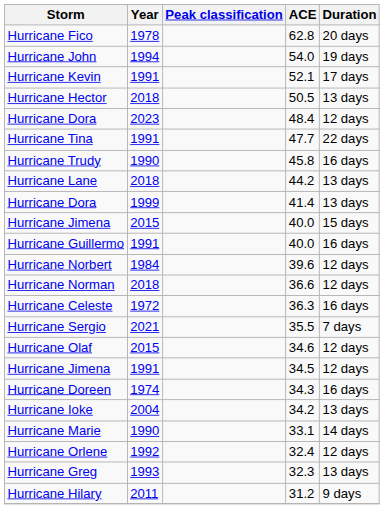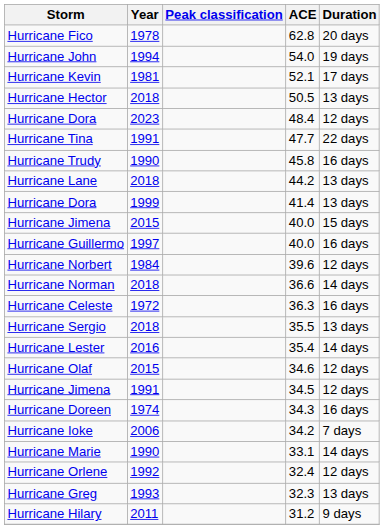 <table class="wikitable sortable">
 <tr>
 <th>Storm</th>
 <th>Year</th>
 <th><a href='#'>Peak classification</a></th>
 <th>ACE</th>
 <th>Duration</th>
 </tr>
 <tr>
 <td><a href='#'>Hurricane Fico</a></td>
 <td><a href='#'>1978</a></td>
 <td></td>
 <td>62.8</td>
 <td>20 days</td>
 </tr>
 <tr>
 <td><a href='#'>Hurricane John</a> </td>
 <td><a href='#'>1994</a></td>
 <td></td>
 <td>54.0</td>
 <td>19 days</td>
 </tr>
 <tr>
 <td><a href='#'>Hurricane Kevin</a></td>
-<td><a href='#'>1991</a></td>
+<td><a href='#'>1981</a></td>
 <td></td>
 <td>52.1</td>
 <td>17 days</td>
 </tr>
 <tr>
 <td><a href='#'>Hurricane Hector</a> </td>
 <td><a href='#'>2018</a></td>
 <td></td>
 <td>50.5</td>
 <td>13 days</td>
 </tr>
 <tr>
 <td><a href='#'>Hurricane Dora</a> </td>
 <td><a href='#'>2023</a></td>
 <td></td>
 <td>48.4</td>
 <td>12 days</td>
 </tr>
 <tr>
 <td><a href='#'>Hurricane Tina</a></td>
 <td><a href='#'>1991</a></td>
 <td></td>
 <td>47.7</td>
 <td>22 days</td>
 </tr>
 <tr>
 <td><a href='#'>Hurricane Trudy</a></td>
 <td><a href='#'>1990</a></td>
 <td></td>
 <td>45.8</td>
 <td>16 days</td>
 </tr>
 <tr>
 <td><a href='#'>Hurricane Lane</a></td>
 <td><a href='#'>2018</a></td>
 <td></td>
 <td>44.2</td>
 <td>13 days</td>
 </tr>
 <tr>
 <td><a href='#'>Hurricane Dora</a> </td>
 <td><a href='#'>1999</a></td>
 <td></td>
 <td>41.4</td>
 <td>13 days</td>
 </tr>
 <tr>
 <td><a href='#'>Hurricane Jimena</a></td>
 <td><a href='#'>2015</a></td>
 <td></td>
 <td>40.0</td>
 <td>15 days</td>
 </tr>
 <tr>
 <td><a href='#'>Hurricane Guillermo</a></td>
-<td><a href='#'>1991</a></td>
+<td><a href='#'>1997</a></td>
 <td></td>
 <td>40.0</td>
 <td>16 days</td>
 </tr>
 <tr>
 <td><a href='#'>Hurricane Norbert</a></td>
 <td><a href='#'>1984</a></td>
 <td></td>
 <td>39.6</td>
 <td>12 days</td>
 </tr>
 <tr>
 <td><a href='#'>Hurricane Norman</a></td>
 <td><a href='#'>2018</a></td>
 <td></td>
 <td>36.6</td>
-<td>12 days</td>
+<td>14 days</td>
 </tr>
 <tr>
 <td><a href='#'>Hurricane Celeste</a></td>
 <td><a href='#'>1972</a></td>
 <td></td>
 <td>36.3</td>
 <td>16 days</td>
 </tr>
 <tr>
 <td><a href='#'>Hurricane Sergio</a></td>
-<td><a href='#'>2021</a></td>
+<td><a href='#'>2018</a></td>
 <td></td>
 <td>35.5</td>
-<td>7 days</td>
+<td>13 days</td>
+</tr>
+<tr>
+<td><a href='#'>Hurricane Lester</a></td>
+<td><a href='#'>2016</a></td>
+<td></td>
+<td>35.4</td>
+<td>14 days</td>
 </tr>
 <tr>
 <td><a href='#'>Hurricane Olaf</a></td>
 <td><a href='#'>2015</a></td>
 <td></td>
 <td>34.6</td>
 <td>12 days</td>
 </tr>
 <tr>
 <td><a href='#'>Hurricane Jimena</a></td>
 <td><a href='#'>1991</a></td>
 <td></td>
 <td>34.5</td>
 <td>12 days</td>
 </tr>
 <tr>
 <td><a href='#'>Hurricane Doreen</a></td>
 <td><a href='#'>1974</a></td>
 <td></td>
 <td>34.3</td>
 <td>16 days</td>
 </tr>
 <tr>
 <td><a href='#'>Hurricane Ioke</a> </td>
-<td><a href='#'>2004</a></td>
+<td><a href='#'>2006</a></td>
 <td></td>
 <td>34.2</td>
-<td>13 days</td>
+<td>7 days</td>
 </tr>
 <tr>
 <td><a href='#'>Hurricane Marie</a></td>
 <td><a href='#'>1990</a></td>
 <td></td>
 <td>33.1</td>
 <td>14 days</td>
 </tr>
 <tr>
 <td><a href='#'>Hurricane Orlene</a></td>
 <td><a href='#'>1992</a></td>
 <td></td>
 <td>32.4</td>
 <td>12 days</td>
 </tr>
 <tr>
 <td><a href='#'>Hurricane Greg</a></td>
 <td><a href='#'>1993</a></td>
 <td></td>
 <td>32.3</td>
 <td>13 days</td>
 </tr>
 <tr>
 <td><a href='#'>Hurricane Hilary</a></td>
 <td><a href='#'>2011</a></td>
 <td></td>
 <td>31.2</td>
 <td>9 days</td>
 </tr>
 <tr>
 </tr>
 </table>
